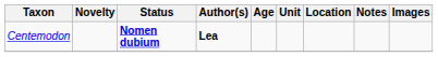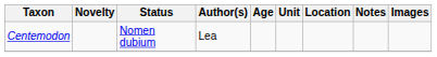 <table class="wikitable sortable" align="center" width="100%">
 <tr>
 <th>Taxon</th>
 <th>Novelty</th>
 <th>Status</th>
 <th>Author(s)</th>
 <th>Age</th>
 <th>Unit</th>
 <th>Location</th>
 <th>Notes</th>
 <th>Images</th>
 </tr>
 <tr>
 <td><em><a href='#'>Centemodon</a></em></td>
 <td></td>
-<td><strong><a href='#'>Nomen dubium</a></strong></td>
-<td><strong>Lea</strong></td>
+<td><a href='#'>Nomen dubium</a></td>
+<td>Lea</td>
 <td></td>
 <td></td>
 <td></td>
 <td></td>
 <td></td>
 </tr>
 <tr>
 </tr>
 </table>
